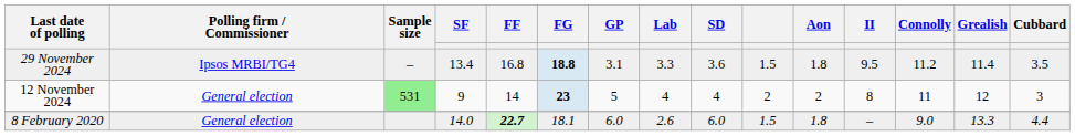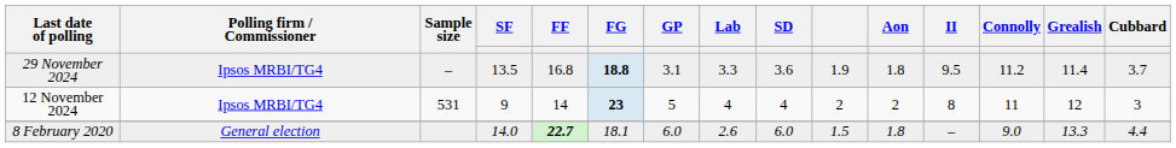 <table class="wikitable sortable collapsible" style="text-align:center;font-size:95%;line-height:14px;">
 <tr style="height:42px;">
 <th style="width:110px;" rowspan="2">Last date<br>of polling</th>
 <th style="width:300px;" rowspan="2">Polling firm /<br>Commissioner</th>
 <th class="unsortable" style="width:50px;" rowspan="2">Sample<br>size</th>
 <th class="unsortable" style="width:50px;"><a href='#'>SF</a></th>
 <th class="unsortable" style="width:50px;"><a href='#'>FF</a></th>
 <th class="unsortable" style="width:50px;"><a href='#'>FG</a></th>
 <th class="unsortable" style="width:50px;"><a href='#'>GP</a></th>
 <th class="unsortable" style="width:50px;"><a href='#'>Lab</a></th>
 <th class="unsortable" style="width:50px;"><a href='#'>SD</a></th>
 <th class="unsortable" style="width:50px;"></th>
 <th class="unsortable" style="width:50px;"><a href='#'>Aon</a></th>
 <th class="unsortable" style="width:50px;"><a href='#'>II</a></th>
 <th class="unsortable" style="width:50px;"><a href='#'>Connolly</a></th>
 <th class="unsortable" style="width:50px;"><a href='#'>Grealish</a></th>
 <th class="unsortable" style="width:50px;">Cubbard</th>
 </tr>
 <tr>
 <th style="color:inherit;background:"></th>
 <th style="color:inherit;background:"></th>
 <th style="color:inherit;background:"></th>
 <th style="color:inherit;background:"></th>
 <th style="color:inherit;background:"></th>
 <th style="color:inherit;background:"></th>
 <th style="color:inherit;background:"></th>
 <th style="color:inherit;background:"></th>
 <th style="color:inherit;background:"></th>
 <th style="color:inherit;background:"></th>
 <th style="color:inherit;background:"></th>
 <th style="color:inherit;background:"></th>
 </tr>
 <tr style="background:#EFEFEF;">
 <td><em>29 November 2024</em></td>
 <td><a href='#'>Ipsos MRBI/TG4</a></td>
 <td>–</td>
-<td>13.4</td>
+<td>13.5</td>
 <td>16.8</td>
 <td style="background:#D9E9F4"><strong>18.8</strong></td>
 <td>3.1</td>
 <td>3.3</td>
 <td>3.6</td>
-<td>1.5</td>
+<td>1.9</td>
 <td>1.8</td>
 <td>9.5</td>
 <td>11.2</td>
 <td>11.4</td>
-<td>3.5</td>
+<td>3.7</td>
 </tr>
 <tr>
 <td>12 November 2024</td>
-<td><em><a href='#'>General election</a></em></td>
-<td style="background: lightgreen;">531</td>
+<td><a href='#'>Ipsos MRBI/TG4</a></td>
+<td>531</td>
 <td>9</td>
 <td>14</td>
 <td style="background:#D9E9F4"><strong>23</strong></td>
 <td>5</td>
 <td>4</td>
 <td>4</td>
 <td>2</td>
 <td>2</td>
 <td>8</td>
 <td>11</td>
 <td>12</td>
 <td>3</td>
 </tr>
 <tr>
 </tr>
 <tr style="background:#EFEFEF;" class=sortbottom>
 <td><em>8 February 2020</em></td>
 <td><em><a href='#'>General election</a></em></td>
 <td></td>
 <td><em>14.0</em></td>
 <td style="background:#D3F2D0"><strong><em>22.7</em></strong></td>
 <td><em>18.1</em></td>
 <td><em>6.0</em></td>
 <td><em>2.6</em></td>
 <td><em>6.0</em></td>
 <td><em>1.5</em></td>
 <td><em>1.8</em></td>
 <td><em>–</em></td>
 <td><em>9.0</em></td>
 <td><em>13.3</em></td>
 <td><em>4.4</em></td>
 </tr>
 </table>
